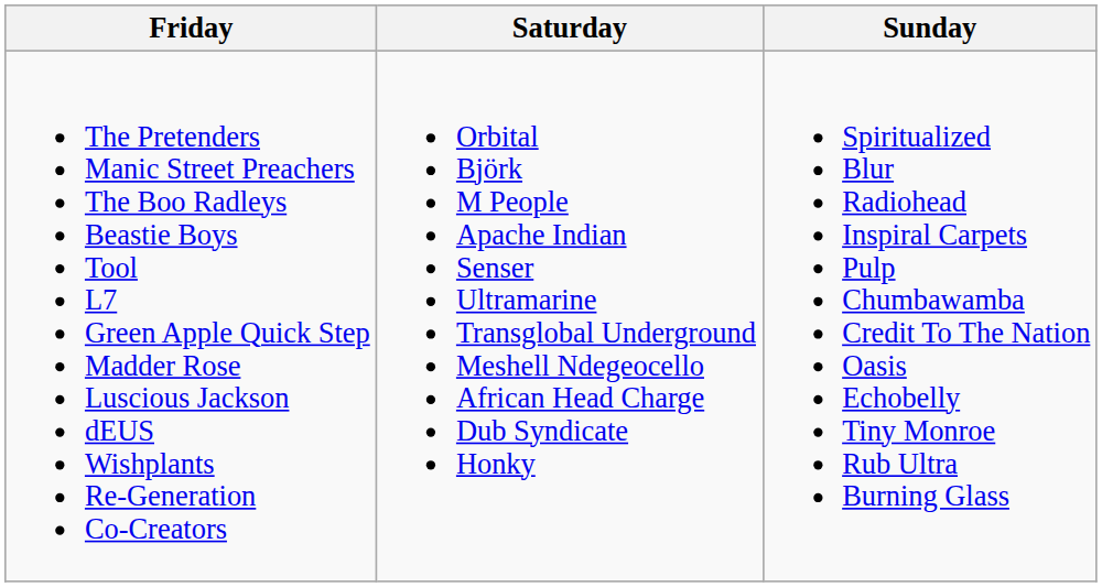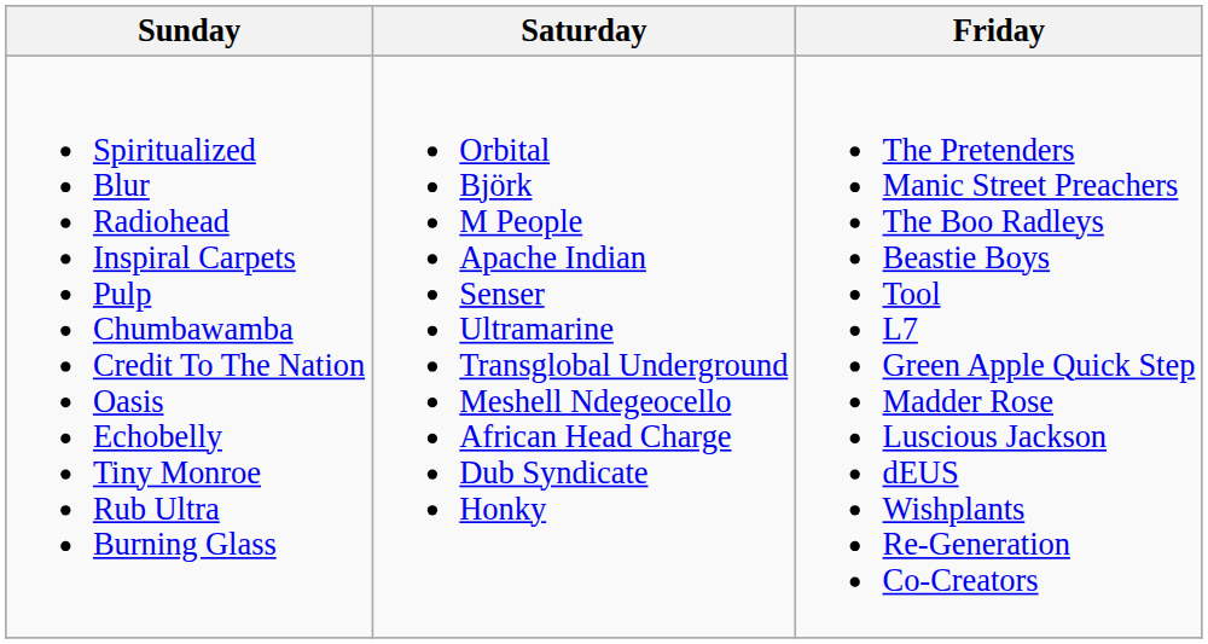 <table class="wikitable">
 <tr>
+<th>Sunday</th>
+<th>Saturday</th>
 <th>Friday</th>
-<th>Saturday</th>
-<th>Sunday</th>
 </tr>
 <tr valign="top">
+<td><br><ul><li><a href='#'>Spiritualized</a></li><li><a href='#'>Blur</a></li><li><a href='#'>Radiohead</a></li><li><a href='#'>Inspiral Carpets</a></li><li><a href='#'>Pulp</a></li><li><a href='#'>Chumbawamba</a></li><li><a href='#'>Credit To The Nation</a></li><li><a href='#'>Oasis</a></li><li><a href='#'>Echobelly</a></li><li><a href='#'>Tiny Monroe</a></li><li><a href='#'>Rub Ultra</a></li><li><a href='#'>Burning Glass</a></li></ul></td>
+<td><br><ul><li><a href='#'>Orbital</a></li><li><a href='#'>Björk</a></li><li><a href='#'>M People</a></li><li><a href='#'>Apache Indian</a></li><li><a href='#'>Senser</a></li><li><a href='#'>Ultramarine</a></li><li><a href='#'>Transglobal Underground</a></li><li><a href='#'>Meshell Ndegeocello</a></li><li><a href='#'>African Head Charge</a></li><li><a href='#'>Dub Syndicate</a></li><li><a href='#'>Honky</a></li></ul></td>
 <td><br><ul><li><a href='#'>The Pretenders</a></li><li><a href='#'>Manic Street Preachers</a></li><li><a href='#'>The Boo Radleys</a></li><li><a href='#'>Beastie Boys</a></li><li><a href='#'>Tool</a></li><li><a href='#'>L7</a></li><li><a href='#'>Green Apple Quick Step</a></li><li><a href='#'>Madder Rose</a></li><li><a href='#'>Luscious Jackson</a></li><li><a href='#'>dEUS</a></li><li><a href='#'>Wishplants</a></li><li><a href='#'>Re-Generation</a></li><li><a href='#'>Co-Creators</a></li></ul></td>
-<td><br><ul><li><a href='#'>Orbital</a></li><li><a href='#'>Björk</a></li><li><a href='#'>M People</a></li><li><a href='#'>Apache Indian</a></li><li><a href='#'>Senser</a></li><li><a href='#'>Ultramarine</a></li><li><a href='#'>Transglobal Underground</a></li><li><a href='#'>Meshell Ndegeocello</a></li><li><a href='#'>African Head Charge</a></li><li><a href='#'>Dub Syndicate</a></li><li><a href='#'>Honky</a></li></ul></td>
-<td><br><ul><li><a href='#'>Spiritualized</a></li><li><a href='#'>Blur</a></li><li><a href='#'>Radiohead</a></li><li><a href='#'>Inspiral Carpets</a></li><li><a href='#'>Pulp</a></li><li><a href='#'>Chumbawamba</a></li><li><a href='#'>Credit To The Nation</a></li><li><a href='#'>Oasis</a></li><li><a href='#'>Echobelly</a></li><li><a href='#'>Tiny Monroe</a></li><li><a href='#'>Rub Ultra</a></li><li><a href='#'>Burning Glass</a></li></ul></td>
 </tr>
 </table>
